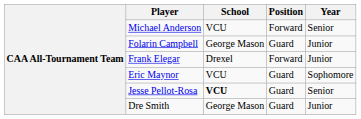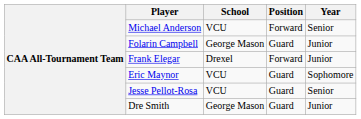 <table class="wikitable" border="1">
 <tr>
 <th rowspan=7 valign=middle>CAA All-Tournament Team</th>
 <th>Player</th>
 <th>School</th>
 <th>Position</th>
 <th>Year</th>
 </tr>
 <tr>
 <td><a href='#'>Michael Anderson</a></td>
 <td>VCU</td>
 <td>Forward</td>
 <td>Senior</td>
 </tr>
 <tr>
 <td><a href='#'>Folarin Campbell</a></td>
 <td>George Mason</td>
 <td>Guard</td>
 <td>Junior</td>
 </tr>
 <tr>
 <td><a href='#'>Frank Elegar</a></td>
 <td>Drexel</td>
 <td>Forward</td>
 <td>Junior</td>
 </tr>
 <tr>
 <td><a href='#'>Eric Maynor</a></td>
 <td>VCU</td>
 <td>Guard</td>
 <td>Sophomore</td>
 </tr>
 <tr>
 <td><a href='#'>Jesse Pellot-Rosa</a></td>
-<td><strong>VCU</strong></td>
+<td>VCU</td>
 <td>Guard</td>
 <td>Senior</td>
 </tr>
 <tr>
 <td>Dre Smith</td>
 <td>George Mason</td>
 <td>Guard</td>
 <td>Junior</td>
 </tr>
 </table>
